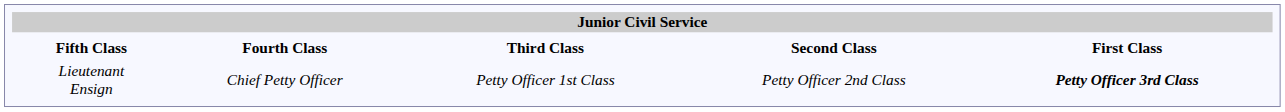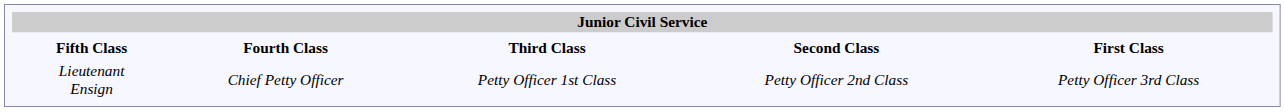 <table style="border:1px solid #8888aa; background-color:#f7f8ff; padding:5px; font-size:95%; margin: 0px 12px 12px 0px; width: 100%;">
 <tr style="background-color:#CCCCCC; width: 100%">
 <th colspan="7">Junior Civil Service</th>
 </tr>
 <tr style="text-align:center;">
 <td rowspan="2"></td>
 <td></td>
 <td></td>
 <td></td>
 <td></td>
 <td></td>
 </tr>
 <tr style="text-align:center;">
 <th>Fifth Class</th>
 <th>Fourth Class</th>
 <th>Third Class</th>
 <th>Second Class</th>
 <th>First Class</th>
 </tr>
 <tr style="text-align:center;">
 <th></th>
 <td><em>Lieutenant<br>Ensign</em></td>
 <td><em>Chief Petty Officer</em></td>
 <td><em>Petty Officer 1st Class</em></td>
 <td><em>Petty Officer 2nd Class</em></td>
-<td><strong><em>Petty Officer 3rd Class</em></strong></td>
+<td><em>Petty Officer 3rd Class</em></td>
 </tr>
 </table>
